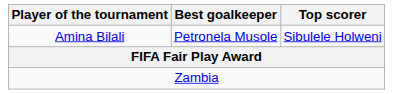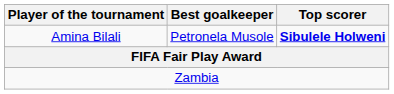 <table class="wikitable" style="margin:auto; text-align:center;">
 <tr>
 <th>Player of the tournament</th>
 <th>Best goalkeeper</th>
 <th>Top scorer</th>
 </tr>
 <tr>
 <td> <a href='#'>Amina Bilali</a></td>
 <td> <a href='#'>Petronela Musole</a></td>
-<td> <a href='#'>Sibulele Holweni</a></td>
+<td><strong> <a href='#'>Sibulele Holweni</a></strong></td>
 </tr>
 <tr>
 <th colspan="3">FIFA Fair Play Award</th>
 </tr>
 <tr>
 <td colspan="3"> <a href='#'>Zambia</a></td>
 </tr>
 </table>
